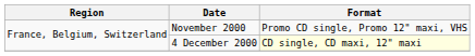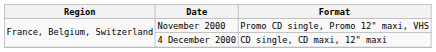 <table class="wikitable" border="1">
 <tr>
 <th>Region</th>
 <th>Date</th>
 <th>Format</th>
 </tr>
 <tr>
 <td rowspan=2>France, Belgium, Switzerland</td>
 <td>November 2000</td>
 <td>Promo CD single, Promo 12" maxi, VHS</td>
 </tr>
 <tr>
 <td>4 December 2000</td>
-<td style="background: lightyellow;">CD single, CD maxi, 12" maxi</td>
+<td>CD single, CD maxi, 12" maxi</td>
 </tr>
 <tr>
 </tr>
 </table>
